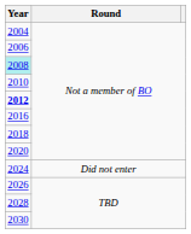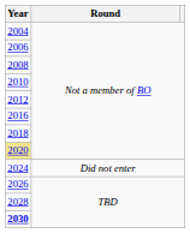 <table class="wikitable" style="text-align: center; font-size:90%">
 <tr>
 <th>Year</th>
 <th style="width:200px">Round</th>
 <th></th>
 </tr>
 <tr>
 <td><a href='#'>2004</a></td>
 <td colspan="2" rowspan="8"><em>Not a member of <a href='#'>BO</a></em></td>
 </tr>
 <tr>
 <td><a href='#'>2006</a></td>
 </tr>
 <tr>
-<td style="background: paleturquoise;"><a href='#'>2008</a></td>
+<td><a href='#'>2008</a></td>
 </tr>
 <tr>
 <td><a href='#'>2010</a></td>
 </tr>
 <tr>
-<td><strong><a href='#'>2012</a></strong></td>
+<td><a href='#'>2012</a></td>
 </tr>
 <tr>
 <td><a href='#'>2016</a></td>
 </tr>
 <tr>
 <td><a href='#'>2018</a></td>
 </tr>
 <tr>
-<td><a href='#'>2020</a></td>
+<td style="background: khaki;"><a href='#'>2020</a></td>
 </tr>
 <tr>
 <td><a href='#'>2024</a></td>
 <td colspan="2"><em>Did not enter</em></td>
 </tr>
 <tr>
 <td><a href='#'>2026</a></td>
 <td colspan="2" rowspan="3"><em>TBD</em></td>
 </tr>
 <tr>
 <td><a href='#'>2028</a></td>
 </tr>
 <tr>
-<td><a href='#'>2030</a></td>
+<td><strong><a href='#'>2030</a></strong></td>
 </tr>
 </table>
